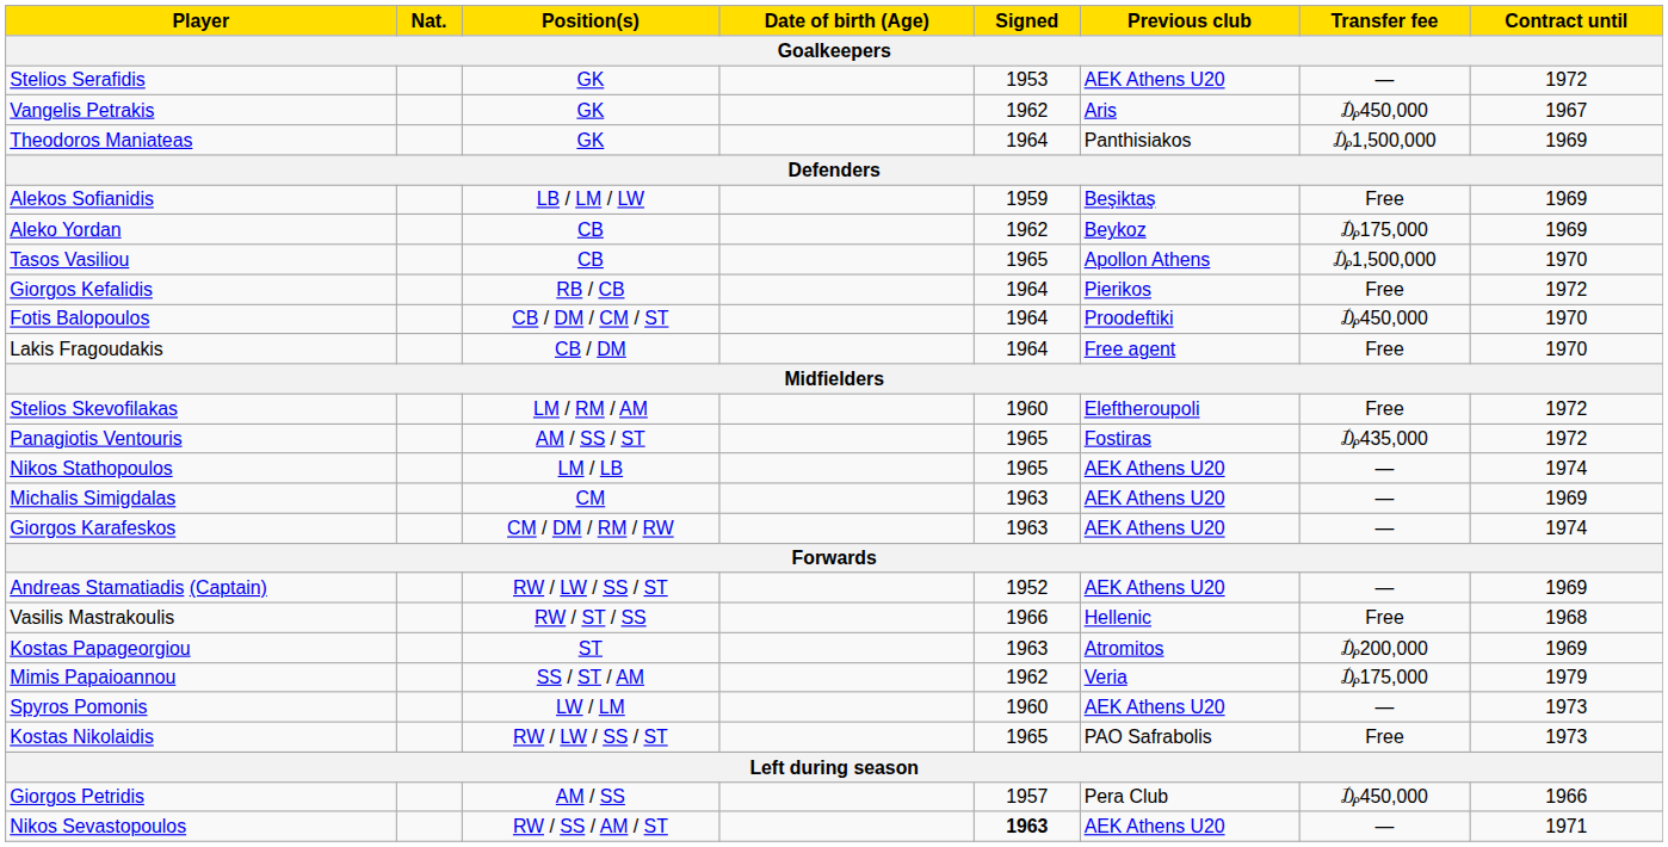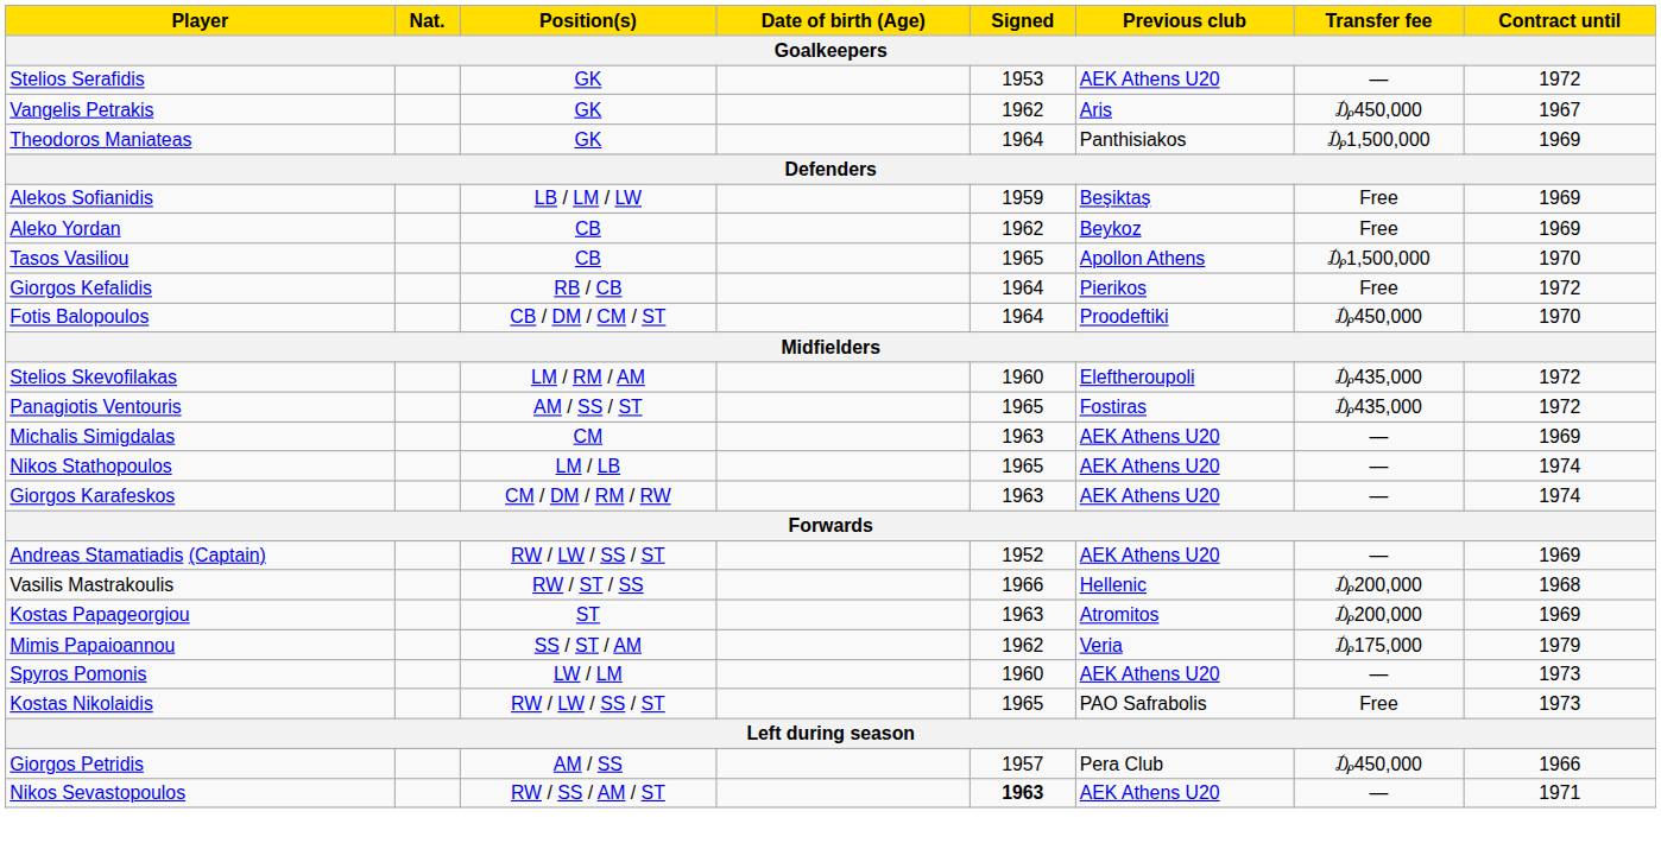 <table class="wikitable" style="text-align:center; font-size:90%;width:100%;">
 <tr>
 <th style="background:#FFDE00">Player</th>
 <th style="background:#FFDE00">Nat.</th>
 <th style="background:#FFDE00">Position(s)</th>
 <th style="background:#FFDE00">Date of birth (Age)</th>
 <th style="background:#FFDE00">Signed</th>
 <th style="background:#FFDE00">Previous club</th>
 <th style="background:#FFDE00">Transfer fee</th>
 <th style="background:#FFDE00">Contract until</th>
 </tr>
 <tr>
 <th colspan="8">Goalkeepers</th>
 </tr>
 <tr>
 <td align=left><a href='#'>Stelios Serafidis</a></td>
 <td></td>
 <td><a href='#'>GK</a></td>
 <td></td>
 <td>1953</td>
 <td align=left> <a href='#'>AEK Athens U20</a></td>
 <td>—</td>
 <td>1972</td>
 </tr>
 <tr>
 <td align=left><a href='#'>Vangelis Petrakis</a></td>
 <td></td>
 <td><a href='#'>GK</a></td>
 <td></td>
 <td>1962</td>
 <td align=left> <a href='#'>Aris</a></td>
 <td>₯450,000</td>
 <td>1967</td>
 </tr>
 <tr>
 <td align=left><a href='#'>Theodoros Maniateas</a></td>
 <td></td>
 <td><a href='#'>GK</a></td>
 <td></td>
 <td>1964</td>
 <td align=left> Panthisiakos</td>
 <td>₯1,500,000</td>
 <td>1969</td>
 </tr>
 <tr>
 <th colspan="8">Defenders</th>
 </tr>
 <tr>
 <td align=left><a href='#'>Alekos Sofianidis</a></td>
 <td></td>
 <td><a href='#'>LB</a> / <a href='#'>LM</a> / <a href='#'>LW</a></td>
 <td></td>
 <td>1959</td>
 <td align=left> <a href='#'>Beşiktaş</a></td>
 <td>Free</td>
 <td>1969</td>
 </tr>
 <tr>
 <td align=left><a href='#'>Aleko Yordan</a></td>
 <td></td>
 <td><a href='#'>CB</a></td>
 <td></td>
 <td>1962</td>
 <td align=left> <a href='#'>Beykoz</a></td>
-<td>₯175,000</td>
+<td>Free</td>
 <td>1969</td>
 </tr>
 <tr>
 <td align=left><a href='#'>Tasos Vasiliou</a></td>
 <td></td>
 <td><a href='#'>CB</a></td>
 <td></td>
 <td>1965</td>
 <td align=left> <a href='#'>Apollon Athens</a></td>
 <td>₯1,500,000</td>
 <td>1970</td>
 </tr>
 <tr>
 <td align=left><a href='#'>Giorgos Kefalidis</a></td>
 <td></td>
 <td><a href='#'>RB</a> / <a href='#'>CB</a></td>
 <td></td>
 <td>1964</td>
 <td align=left> <a href='#'>Pierikos</a></td>
 <td>Free</td>
 <td>1972</td>
 </tr>
 <tr>
 <td align=left><a href='#'>Fotis Balopoulos</a></td>
 <td></td>
 <td><a href='#'>CB</a> / <a href='#'>DM</a> / <a href='#'>CM</a> / <a href='#'>ST</a></td>
 <td></td>
 <td>1964</td>
 <td align=left> <a href='#'>Proodeftiki</a></td>
 <td>₯450,000</td>
 <td>1970</td>
 </tr>
 <tr>
-<td align=left>Lakis Fragoudakis</td>
-<td></td>
-<td><a href='#'>CB</a> / <a href='#'>DM</a></td>
-<td></td>
-<td>1964</td>
-<td align=left><a href='#'>Free agent</a></td>
-<td>Free</td>
-<td>1970</td>
-</tr>
-<tr>
 <th colspan="8">Midfielders</th>
 </tr>
 <tr>
 <td align=left><a href='#'>Stelios Skevofilakas</a></td>
 <td></td>
 <td><a href='#'>LM</a> / <a href='#'>RM</a> / <a href='#'>AM</a></td>
 <td></td>
 <td>1960</td>
 <td align=left> <a href='#'>Eleftheroupoli</a></td>
-<td>Free</td>
+<td>₯435,000</td>
 <td>1972</td>
 </tr>
 <tr>
 <td align=left><a href='#'>Panagiotis Ventouris</a></td>
 <td></td>
 <td><a href='#'>AM</a> / <a href='#'>SS</a> / <a href='#'>ST</a></td>
 <td></td>
 <td>1965</td>
 <td align=left> <a href='#'>Fostiras</a></td>
 <td>₯435,000</td>
 <td>1972</td>
 </tr>
 <tr>
+<td align=left><a href='#'>Michalis Simigdalas</a></td>
+<td></td>
+<td><a href='#'>CM</a></td>
+<td></td>
+<td>1963</td>
+<td align=left> <a href='#'>AEK Athens U20</a></td>
+<td>—</td>
+<td>1969</td>
+</tr>
+<tr>
 <td align=left><a href='#'>Nikos Stathopoulos</a></td>
 <td></td>
 <td><a href='#'>LM</a> / <a href='#'>LB</a></td>
 <td></td>
 <td>1965</td>
 <td align=left> <a href='#'>AEK Athens U20</a></td>
 <td>—</td>
 <td>1974</td>
-</tr>
-<tr>
-<td align=left><a href='#'>Michalis Simigdalas</a></td>
-<td></td>
-<td><a href='#'>CM</a></td>
-<td></td>
-<td>1963</td>
-<td align=left> <a href='#'>AEK Athens U20</a></td>
-<td>—</td>
-<td>1969</td>
 </tr>
 <tr>
 <td align=left><a href='#'>Giorgos Karafeskos</a></td>
 <td></td>
 <td><a href='#'>CM</a> / <a href='#'>DM</a> / <a href='#'>RM</a> / <a href='#'>RW</a></td>
 <td></td>
 <td>1963</td>
 <td align=left> <a href='#'>AEK Athens U20</a></td>
 <td>—</td>
 <td>1974</td>
 </tr>
 <tr>
 <th colspan="8">Forwards</th>
 </tr>
 <tr>
 <td align=left><a href='#'>Andreas Stamatiadis</a> <a href='#'>(Captain)</a></td>
 <td></td>
 <td><a href='#'>RW</a> / <a href='#'>LW</a> / <a href='#'>SS</a> / <a href='#'>ST</a></td>
 <td></td>
 <td>1952</td>
 <td align=left> <a href='#'>AEK Athens U20</a></td>
 <td>—</td>
 <td>1969</td>
 </tr>
 <tr>
 <td align=left>Vasilis Mastrakoulis</td>
 <td></td>
 <td><a href='#'>RW</a> / <a href='#'>ST</a> / <a href='#'>SS</a></td>
 <td></td>
 <td>1966</td>
 <td align=left> <a href='#'>Hellenic</a></td>
-<td>Free</td>
+<td>₯200,000</td>
 <td>1968</td>
 </tr>
 <tr>
 <td align=left><a href='#'>Kostas Papageorgiou</a></td>
 <td></td>
 <td><a href='#'>ST</a></td>
 <td></td>
 <td>1963</td>
 <td align=left> <a href='#'>Atromitos</a></td>
 <td>₯200,000</td>
 <td>1969</td>
 </tr>
 <tr>
 <td align=left><a href='#'>Mimis Papaioannou</a></td>
 <td></td>
 <td><a href='#'>SS</a> / <a href='#'>ST</a> / <a href='#'>AM</a></td>
 <td></td>
 <td>1962</td>
 <td align=left> <a href='#'>Veria</a></td>
 <td>₯175,000</td>
 <td>1979</td>
 </tr>
 <tr>
 <td align=left><a href='#'>Spyros Pomonis</a></td>
 <td></td>
 <td><a href='#'>LW</a> / <a href='#'>LM</a></td>
 <td></td>
 <td>1960</td>
 <td align=left> <a href='#'>AEK Athens U20</a></td>
 <td>—</td>
 <td>1973</td>
 </tr>
 <tr>
 <td align=left><a href='#'>Kostas Nikolaidis</a></td>
 <td></td>
 <td><a href='#'>RW</a> / <a href='#'>LW</a> / <a href='#'>SS</a> / <a href='#'>ST</a></td>
 <td></td>
 <td>1965</td>
 <td align=left> PAO Safrabolis</td>
 <td>Free</td>
 <td>1973</td>
 </tr>
 <tr>
 <th colspan="8">Left during season</th>
 </tr>
 <tr>
 <td align=left><a href='#'>Giorgos Petridis</a></td>
 <td></td>
 <td><a href='#'>AM</a> / <a href='#'>SS</a></td>
 <td></td>
 <td>1957</td>
 <td align=left> Pera Club</td>
 <td>₯450,000</td>
 <td>1966</td>
 </tr>
 <tr>
 <td align=left><a href='#'>Nikos Sevastopoulos</a></td>
 <td></td>
 <td><a href='#'>RW</a> / <a href='#'>SS</a> / <a href='#'>AM</a> / <a href='#'>ST</a></td>
 <td></td>
 <td><strong>1963</strong></td>
 <td align=left> <a href='#'>AEK Athens U20</a></td>
 <td>—</td>
 <td>1971</td>
 </tr>
 </table>
